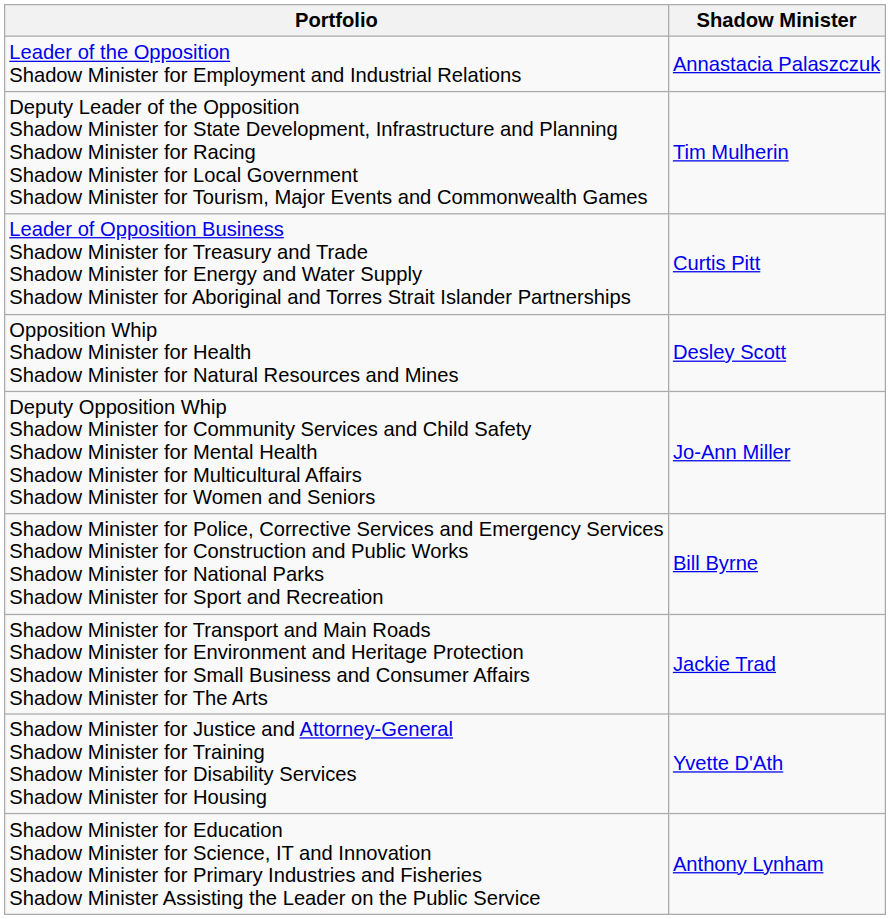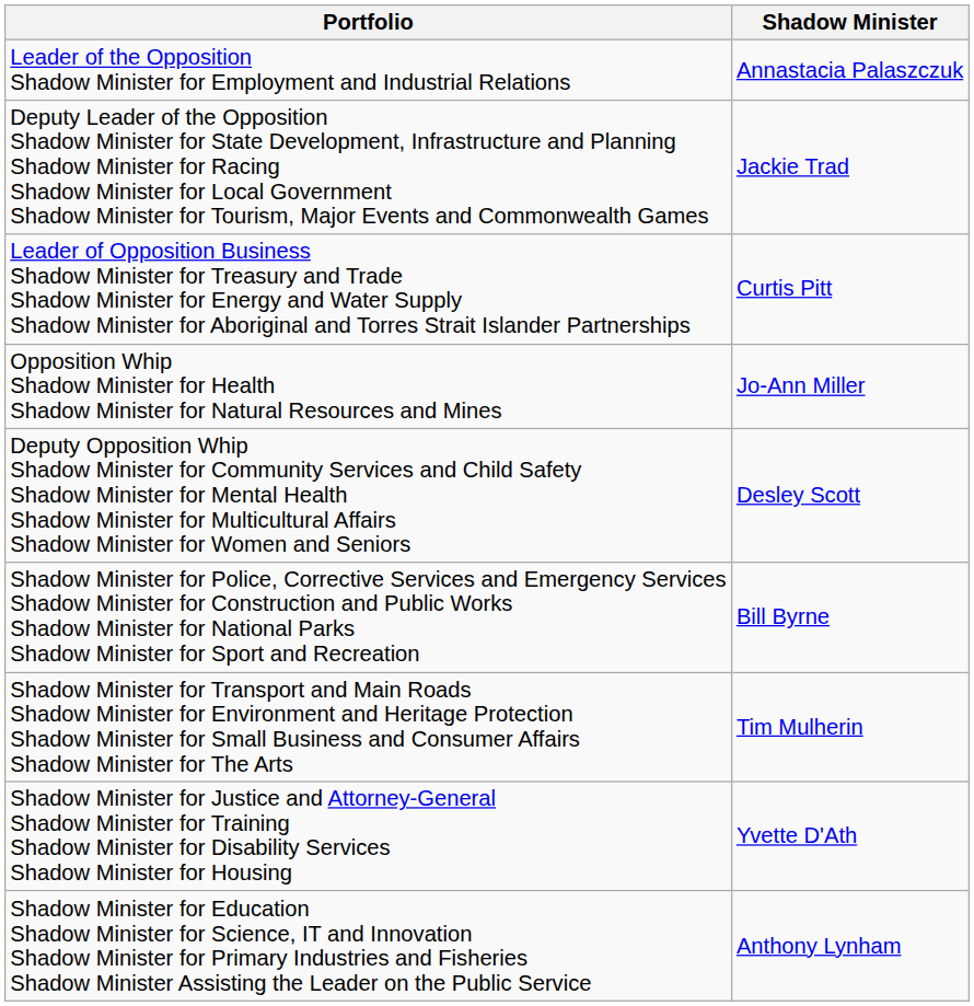 <table class=wikitable>
 <tr>
 <th>Portfolio</th>
 <th>Shadow Minister</th>
 </tr>
 <tr>
 <td><a href='#'>Leader of the Opposition</a><br>Shadow Minister for Employment and Industrial Relations</td>
 <td><a href='#'>Annastacia Palaszczuk</a></td>
 </tr>
 <tr>
 <td>Deputy Leader of the Opposition<br>Shadow Minister for State Development, Infrastructure and Planning<br>Shadow Minister for Racing<br>Shadow Minister for Local Government<br>Shadow Minister for Tourism, Major Events and Commonwealth Games</td>
-<td><a href='#'>Tim Mulherin</a></td>
+<td><a href='#'>Jackie Trad</a></td>
 </tr>
 <tr>
 <td><a href='#'>Leader of Opposition Business</a><br>Shadow Minister for Treasury and Trade<br>Shadow Minister for Energy and Water Supply<br>Shadow Minister for Aboriginal and Torres Strait Islander Partnerships</td>
 <td><a href='#'>Curtis Pitt</a></td>
 </tr>
 <tr>
 <td>Opposition Whip<br>Shadow Minister for Health<br>Shadow Minister for Natural Resources and Mines<br></td>
-<td><a href='#'>Desley Scott</a></td>
+<td><a href='#'>Jo-Ann Miller</a></td>
 </tr>
 <tr>
 <td>Deputy Opposition Whip<br>Shadow Minister for Community Services and Child Safety<br>Shadow Minister for Mental Health<br>Shadow Minister for Multicultural Affairs<br>Shadow Minister for Women and Seniors</td>
-<td><a href='#'>Jo-Ann Miller</a></td>
+<td><a href='#'>Desley Scott</a></td>
 </tr>
 <tr>
 <td>Shadow Minister for Police, Corrective Services and Emergency Services<br>Shadow Minister for Construction and Public Works<br>Shadow Minister for National Parks<br>Shadow Minister for Sport and Recreation</td>
 <td><a href='#'>Bill Byrne</a></td>
 </tr>
 <tr>
 <td>Shadow Minister for Transport and Main Roads<br>Shadow Minister for Environment and Heritage Protection<br>Shadow Minister for Small Business and Consumer Affairs<br>Shadow Minister for The Arts</td>
-<td><a href='#'>Jackie Trad</a></td>
+<td><a href='#'>Tim Mulherin</a></td>
 </tr>
 <tr>
 <td>Shadow Minister for Justice and <a href='#'>Attorney-General</a><br>Shadow Minister for Training<br>Shadow Minister for Disability Services<br>Shadow Minister for Housing</td>
 <td><a href='#'>Yvette D'Ath</a></td>
 </tr>
 <tr>
 <td>Shadow Minister for Education<br>Shadow Minister for Science, IT and Innovation<br>Shadow Minister for Primary Industries and Fisheries<br>Shadow Minister Assisting the Leader on the Public Service</td>
 <td><a href='#'>Anthony Lynham</a></td>
 </tr>
 </table>
